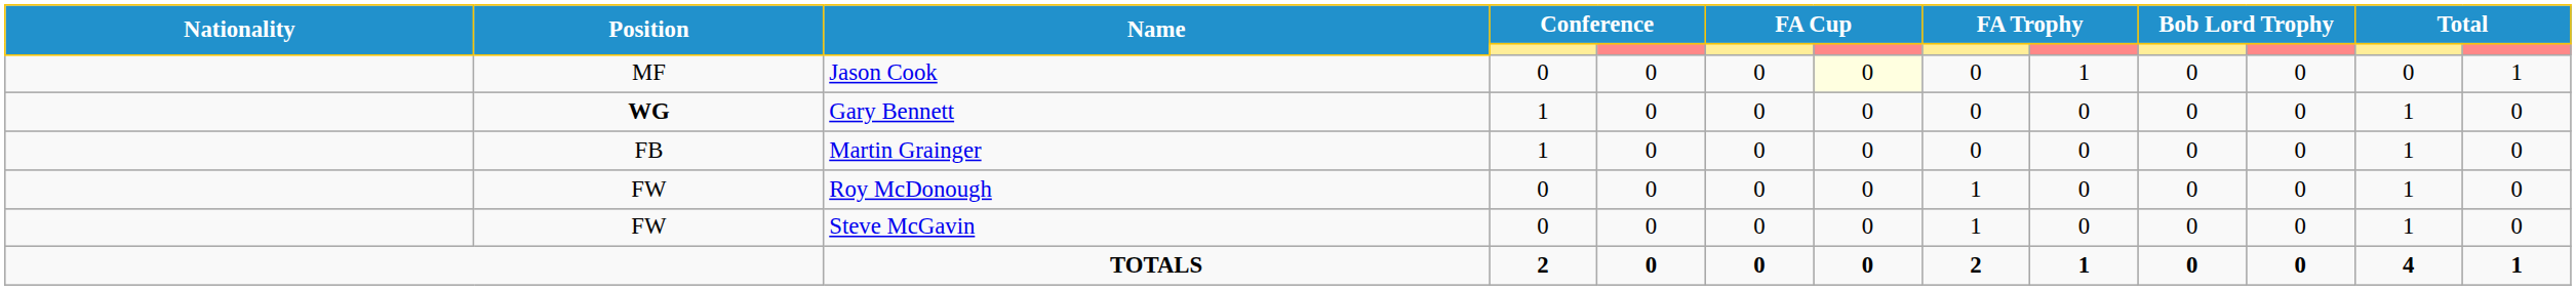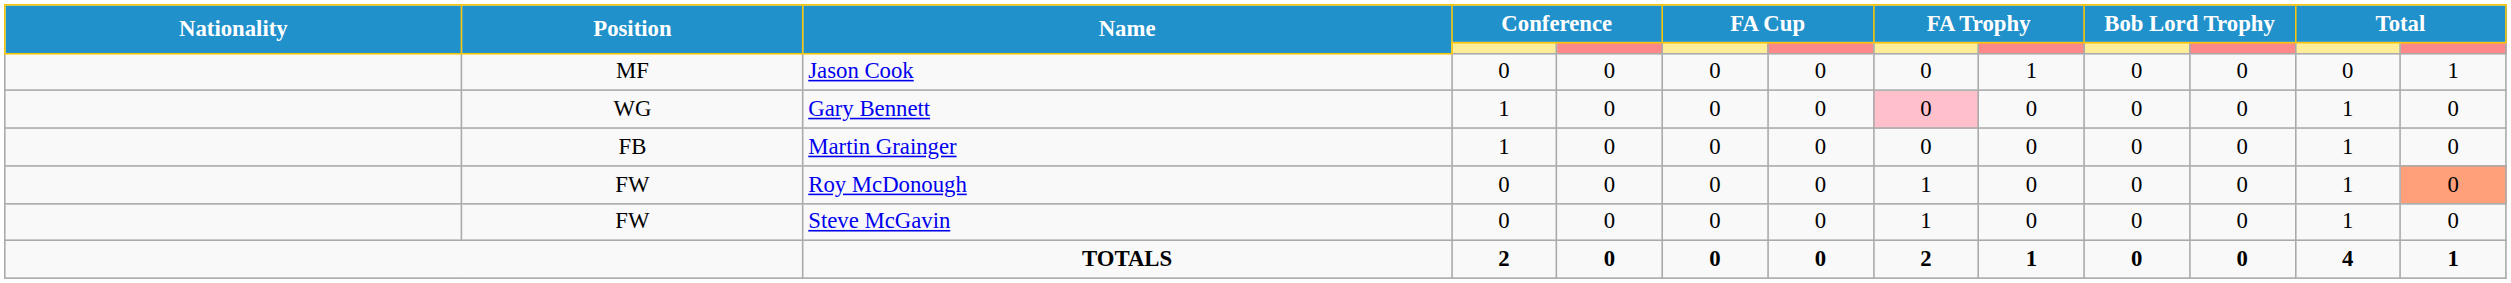 <table class="wikitable" style="text-align:center; font-size:90%; width:100%;">
 <tr>
 <th rowspan="2" style="background:#2191CC; color:white; border:1px solid #F7C408; text-align:center;">Nationality</th>
 <th rowspan="2" style="background:#2191CC; color:white; border:1px solid #F7C408; text-align:center;">Position</th>
 <th rowspan="2" style="background:#2191CC; color:white; border:1px solid #F7C408; text-align:center;">Name</th>
 <th colspan="2" style="background:#2191CC; color:white; border:1px solid #F7C408; text-align:center;">Conference</th>
 <th colspan="2" style="background:#2191CC; color:white; border:1px solid #F7C408; text-align:center;">FA Cup</th>
 <th colspan="2" style="background:#2191CC; color:white; border:1px solid #F7C408; text-align:center;">FA Trophy</th>
 <th colspan="2" style="background:#2191CC; color:white; border:1px solid #F7C408; text-align:center;">Bob Lord Trophy</th>
 <th colspan="2" style="background:#2191CC; color:white; border:1px solid #F7C408; text-align:center;">Total</th>
 </tr>
 <tr>
 <th width=60 style="background: #FFEE99"></th>
 <th width=60 style="background: #FF8888"></th>
 <th width=60 style="background: #FFEE99"></th>
 <th width=60 style="background: #FF8888"></th>
 <th width=60 style="background: #FFEE99"></th>
 <th width=60 style="background: #FF8888"></th>
 <th width=60 style="background: #FFEE99"></th>
 <th width=60 style="background: #FF8888"></th>
 <th width=60 style="background: #FFEE99"></th>
 <th width=60 style="background: #FF8888"></th>
 </tr>
 <tr>
 <td></td>
 <td>MF</td>
 <td align="left"><a href='#'>Jason Cook</a></td>
 <td>0</td>
 <td>0</td>
 <td>0</td>
-<td style="background: lightyellow;">0</td>
+<td>0</td>
 <td>0</td>
 <td>1</td>
 <td>0</td>
 <td>0</td>
 <td>0</td>
 <td>1</td>
 </tr>
 <tr>
 <td></td>
-<td><strong>WG</strong></td>
+<td>WG</td>
 <td align="left"><a href='#'>Gary Bennett</a></td>
 <td>1</td>
 <td>0</td>
 <td>0</td>
 <td>0</td>
-<td>0</td>
+<td style="background: pink;">0</td>
 <td>0</td>
 <td>0</td>
 <td>0</td>
 <td>1</td>
 <td>0</td>
 </tr>
 <tr>
 <td></td>
 <td>FB</td>
 <td align="left"><a href='#'>Martin Grainger</a></td>
 <td>1</td>
 <td>0</td>
 <td>0</td>
 <td>0</td>
 <td>0</td>
 <td>0</td>
 <td>0</td>
 <td>0</td>
 <td>1</td>
 <td>0</td>
 </tr>
 <tr>
 <td></td>
 <td>FW</td>
 <td align="left"><a href='#'>Roy McDonough</a></td>
 <td>0</td>
 <td>0</td>
 <td>0</td>
 <td>0</td>
 <td>1</td>
 <td>0</td>
 <td>0</td>
 <td>0</td>
 <td>1</td>
-<td>0</td>
+<td style="background: lightsalmon;">0</td>
 </tr>
 <tr>
 <td></td>
 <td>FW</td>
 <td align="left"><a href='#'>Steve McGavin</a></td>
 <td>0</td>
 <td>0</td>
 <td>0</td>
 <td>0</td>
 <td>1</td>
 <td>0</td>
 <td>0</td>
 <td>0</td>
 <td>1</td>
 <td>0</td>
 </tr>
 <tr>
 <td colspan="2"></td>
 <td><strong>TOTALS</strong></td>
 <td><strong>2</strong></td>
 <td><strong>0</strong></td>
 <td><strong>0</strong></td>
 <td><strong>0</strong></td>
 <td><strong>2</strong></td>
 <td><strong>1</strong></td>
 <td><strong>0</strong></td>
 <td><strong>0</strong></td>
 <td><strong>4</strong></td>
 <td><strong>1</strong></td>
 </tr>
 </table>
